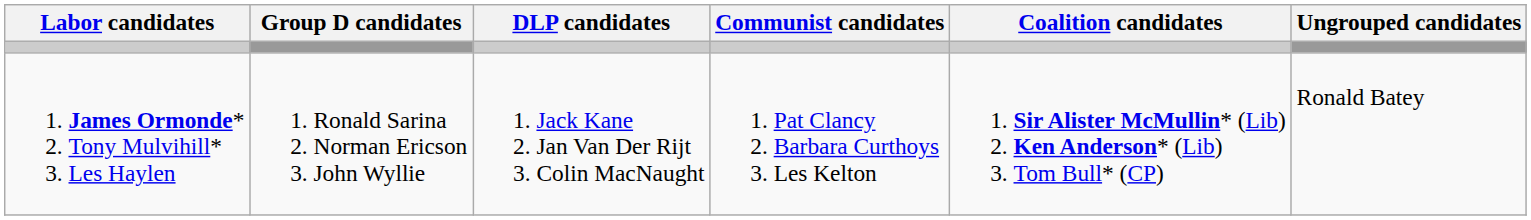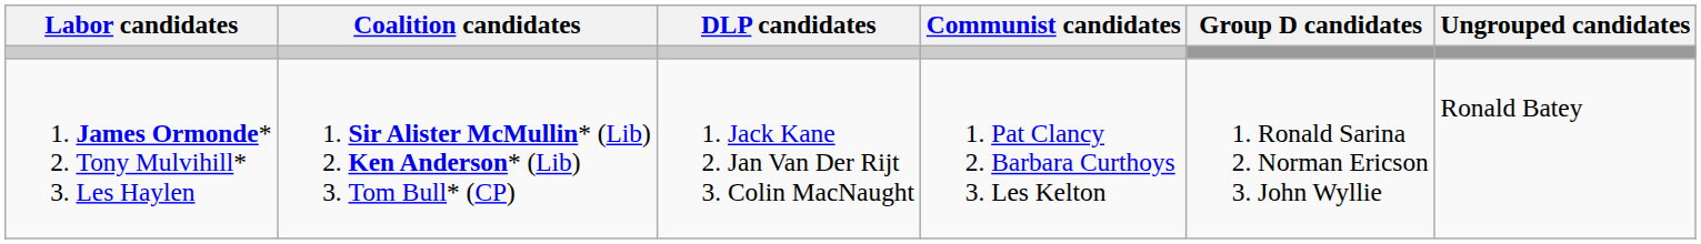 <table class="wikitable">
 <tr>
 <th><a href='#'>Labor</a> candidates</th>
-<th>Group D candidates</th>
+<th><a href='#'>Coalition</a> candidates</th>
 <th><a href='#'>DLP</a> candidates</th>
 <th><a href='#'>Communist</a> candidates</th>
-<th><a href='#'>Coalition</a> candidates</th>
+<th>Group D candidates</th>
 <th>Ungrouped candidates</th>
 </tr>
 <tr bgcolor="#cccccc">
 <td></td>
-<td bgcolor="#999999"></td>
 <td></td>
 <td></td>
 <td></td>
 <td bgcolor="#999999"></td>
+<td bgcolor="#999999"></td>
 </tr>
 <tr>
 <td><br><ol><li><strong><a href='#'>James Ormonde</a></strong>*</li><li><a href='#'>Tony Mulvihill</a>*</li><li><a href='#'>Les Haylen</a></li></ol></td>
-<td valign=top><br><ol><li>Ronald Sarina</li><li>Norman Ericson</li><li>John Wyllie</li></ol></td>
+<td><br><ol><li><strong><a href='#'>Sir Alister McMullin</a></strong>* (<a href='#'>Lib</a>)</li><li><strong><a href='#'>Ken Anderson</a></strong>* (<a href='#'>Lib</a>)</li><li><a href='#'>Tom Bull</a>* (<a href='#'>CP</a>)</li></ol></td>
 <td valign=top><br><ol><li><a href='#'>Jack Kane</a></li><li>Jan Van Der Rijt</li><li>Colin MacNaught</li></ol></td>
 <td valign=top><br><ol><li><a href='#'>Pat Clancy</a></li><li><a href='#'>Barbara Curthoys</a></li><li>Les Kelton</li></ol></td>
-<td><br><ol><li><strong><a href='#'>Sir Alister McMullin</a></strong>* (<a href='#'>Lib</a>)</li><li><strong><a href='#'>Ken Anderson</a></strong>* (<a href='#'>Lib</a>)</li><li><a href='#'>Tom Bull</a>* (<a href='#'>CP</a>)</li></ol></td>
+<td valign=top><br><ol><li>Ronald Sarina</li><li>Norman Ericson</li><li>John Wyllie</li></ol></td>
 <td valign=top><br>Ronald Batey</td>
 </tr>
 </table>
